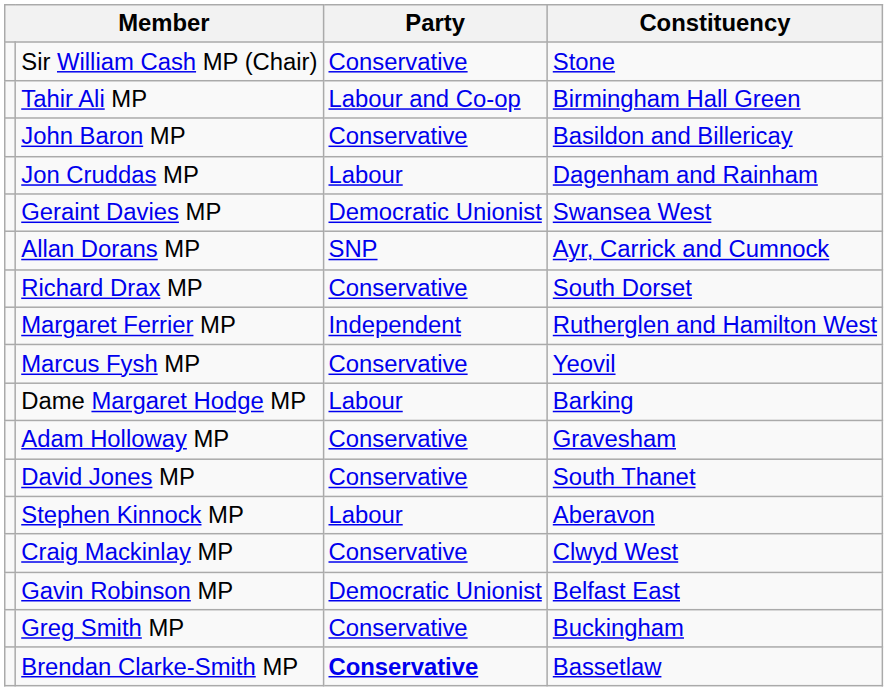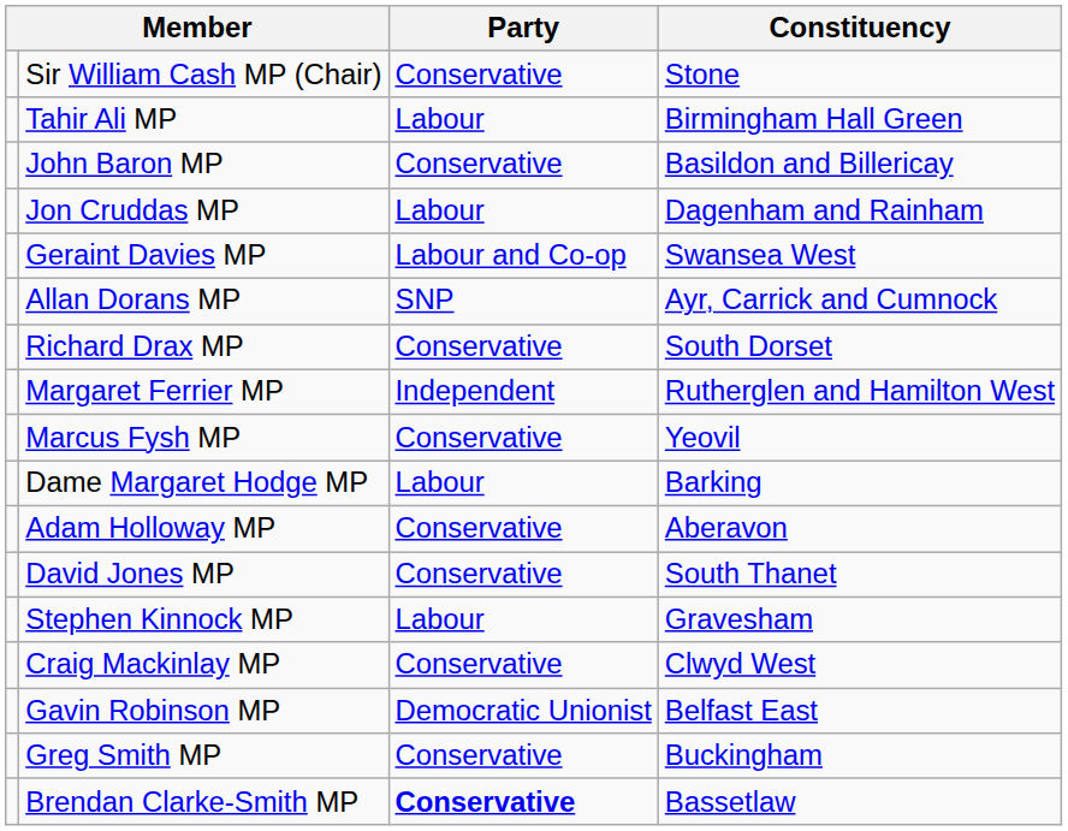 <table class="wikitable">
 <tr>
 <th colspan="2" valign="top">Member</th>
 <th valign="top">Party</th>
 <th valign="top">Constituency</th>
 </tr>
 <tr>
 <td style="color:inherit;background:"></td>
 <td>Sir <a href='#'>William Cash</a> MP (Chair)</td>
 <td><a href='#'>Conservative</a></td>
 <td><a href='#'>Stone</a></td>
 </tr>
 <tr>
 <td style="color:inherit;background:"></td>
 <td><a href='#'>Tahir Ali</a> MP</td>
-<td><a href='#'>Labour and Co-op</a></td>
+<td><a href='#'>Labour</a></td>
 <td><a href='#'>Birmingham Hall Green</a></td>
 </tr>
 <tr>
 <td style="color:inherit;background:"></td>
 <td><a href='#'>John Baron</a> MP</td>
 <td><a href='#'>Conservative</a></td>
 <td><a href='#'>Basildon and Billericay</a></td>
 </tr>
 <tr>
 <td style="color:inherit;background:"></td>
 <td><a href='#'>Jon Cruddas</a> MP</td>
 <td><a href='#'>Labour</a></td>
 <td><a href='#'>Dagenham and Rainham</a></td>
 </tr>
 <tr>
 <td style="color:inherit;background:"></td>
 <td><a href='#'>Geraint Davies</a> MP</td>
-<td><a href='#'>Democratic Unionist</a></td>
+<td><a href='#'>Labour and Co-op</a></td>
 <td><a href='#'>Swansea West</a></td>
 </tr>
 <tr>
 <td style="color:inherit;background:"></td>
 <td><a href='#'>Allan Dorans</a> MP</td>
 <td><a href='#'>SNP</a></td>
 <td><a href='#'>Ayr, Carrick and Cumnock</a></td>
 </tr>
 <tr>
 <td style="color:inherit;background:"></td>
 <td><a href='#'>Richard Drax</a> MP</td>
 <td><a href='#'>Conservative</a></td>
 <td><a href='#'>South Dorset</a></td>
 </tr>
 <tr>
 <td style="color:inherit;background:"></td>
 <td><a href='#'>Margaret Ferrier</a> MP</td>
 <td><a href='#'>Independent</a></td>
 <td><a href='#'>Rutherglen and Hamilton West</a></td>
 </tr>
 <tr>
 <td style="color:inherit;background:"></td>
 <td><a href='#'>Marcus Fysh</a> MP</td>
 <td><a href='#'>Conservative</a></td>
 <td><a href='#'>Yeovil</a></td>
 </tr>
 <tr>
 <td style="color:inherit;background:"></td>
 <td>Dame <a href='#'>Margaret Hodge</a> MP</td>
 <td><a href='#'>Labour</a></td>
 <td><a href='#'>Barking</a></td>
 </tr>
 <tr>
 <td style="color:inherit;background:"></td>
 <td><a href='#'>Adam Holloway</a> MP</td>
 <td><a href='#'>Conservative</a></td>
-<td><a href='#'>Gravesham</a></td>
+<td><a href='#'>Aberavon</a></td>
 </tr>
 <tr>
 <td style="color:inherit;background:"></td>
 <td><a href='#'>David Jones</a> MP</td>
 <td><a href='#'>Conservative</a></td>
 <td><a href='#'>South Thanet</a></td>
 </tr>
 <tr>
 <td style="color:inherit;background:"></td>
 <td><a href='#'>Stephen Kinnock</a> MP</td>
 <td><a href='#'>Labour</a></td>
-<td><a href='#'>Aberavon</a></td>
+<td><a href='#'>Gravesham</a></td>
 </tr>
 <tr>
 <td style="color:inherit;background:"></td>
 <td><a href='#'>Craig Mackinlay</a> MP</td>
 <td><a href='#'>Conservative</a></td>
 <td><a href='#'>Clwyd West</a></td>
 </tr>
 <tr>
 <td style="color:inherit;background:"></td>
 <td><a href='#'>Gavin Robinson</a> MP</td>
 <td><a href='#'>Democratic Unionist</a></td>
 <td><a href='#'>Belfast East</a></td>
 </tr>
 <tr>
 <td style="color:inherit;background:"></td>
 <td><a href='#'>Greg Smith</a> MP</td>
 <td><a href='#'>Conservative</a></td>
 <td><a href='#'>Buckingham</a></td>
 </tr>
 <tr>
 <td style="color:inherit;background:"></td>
 <td><a href='#'>Brendan Clarke-Smith</a> MP</td>
 <td><strong><a href='#'>Conservative</a></strong></td>
 <td><a href='#'>Bassetlaw</a></td>
 </tr>
 </table>
